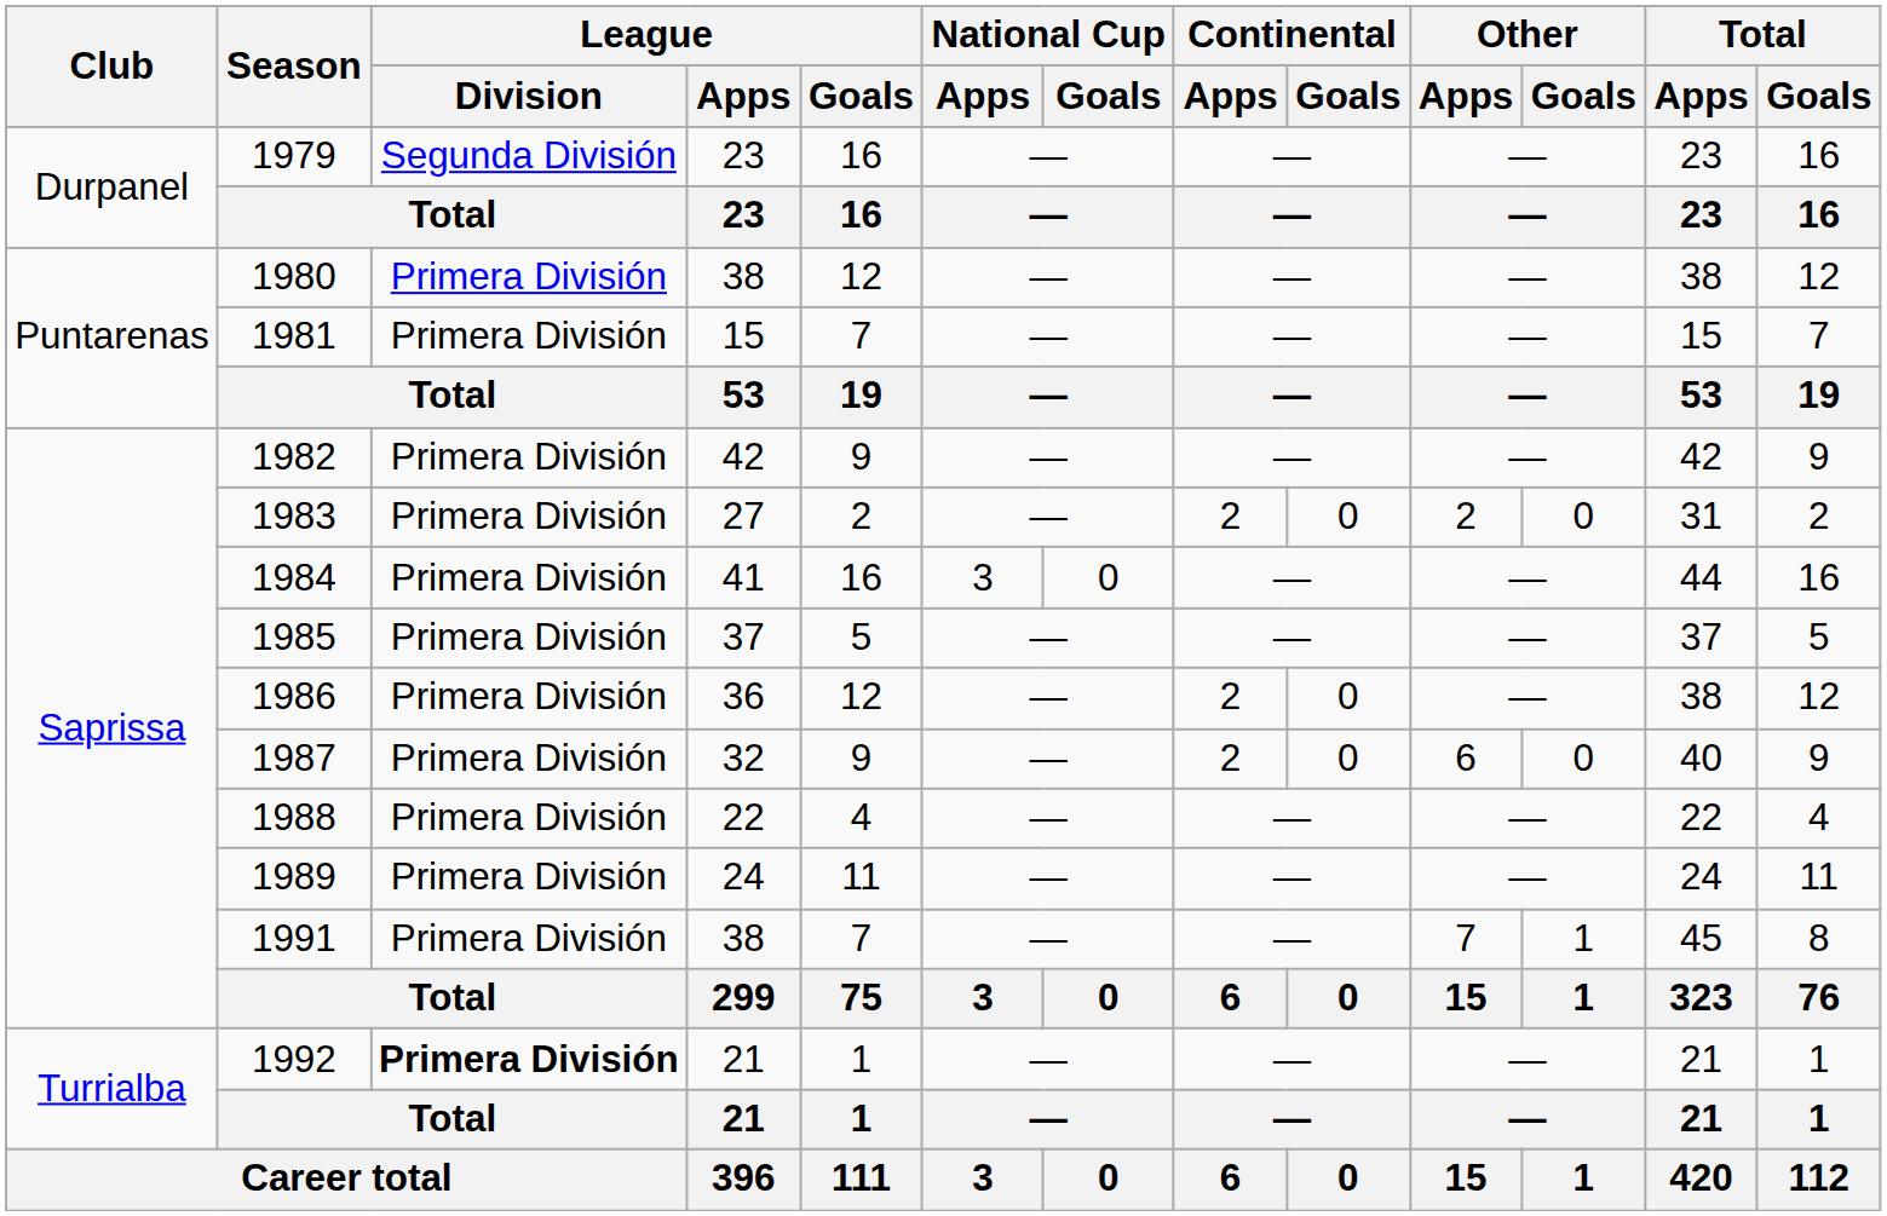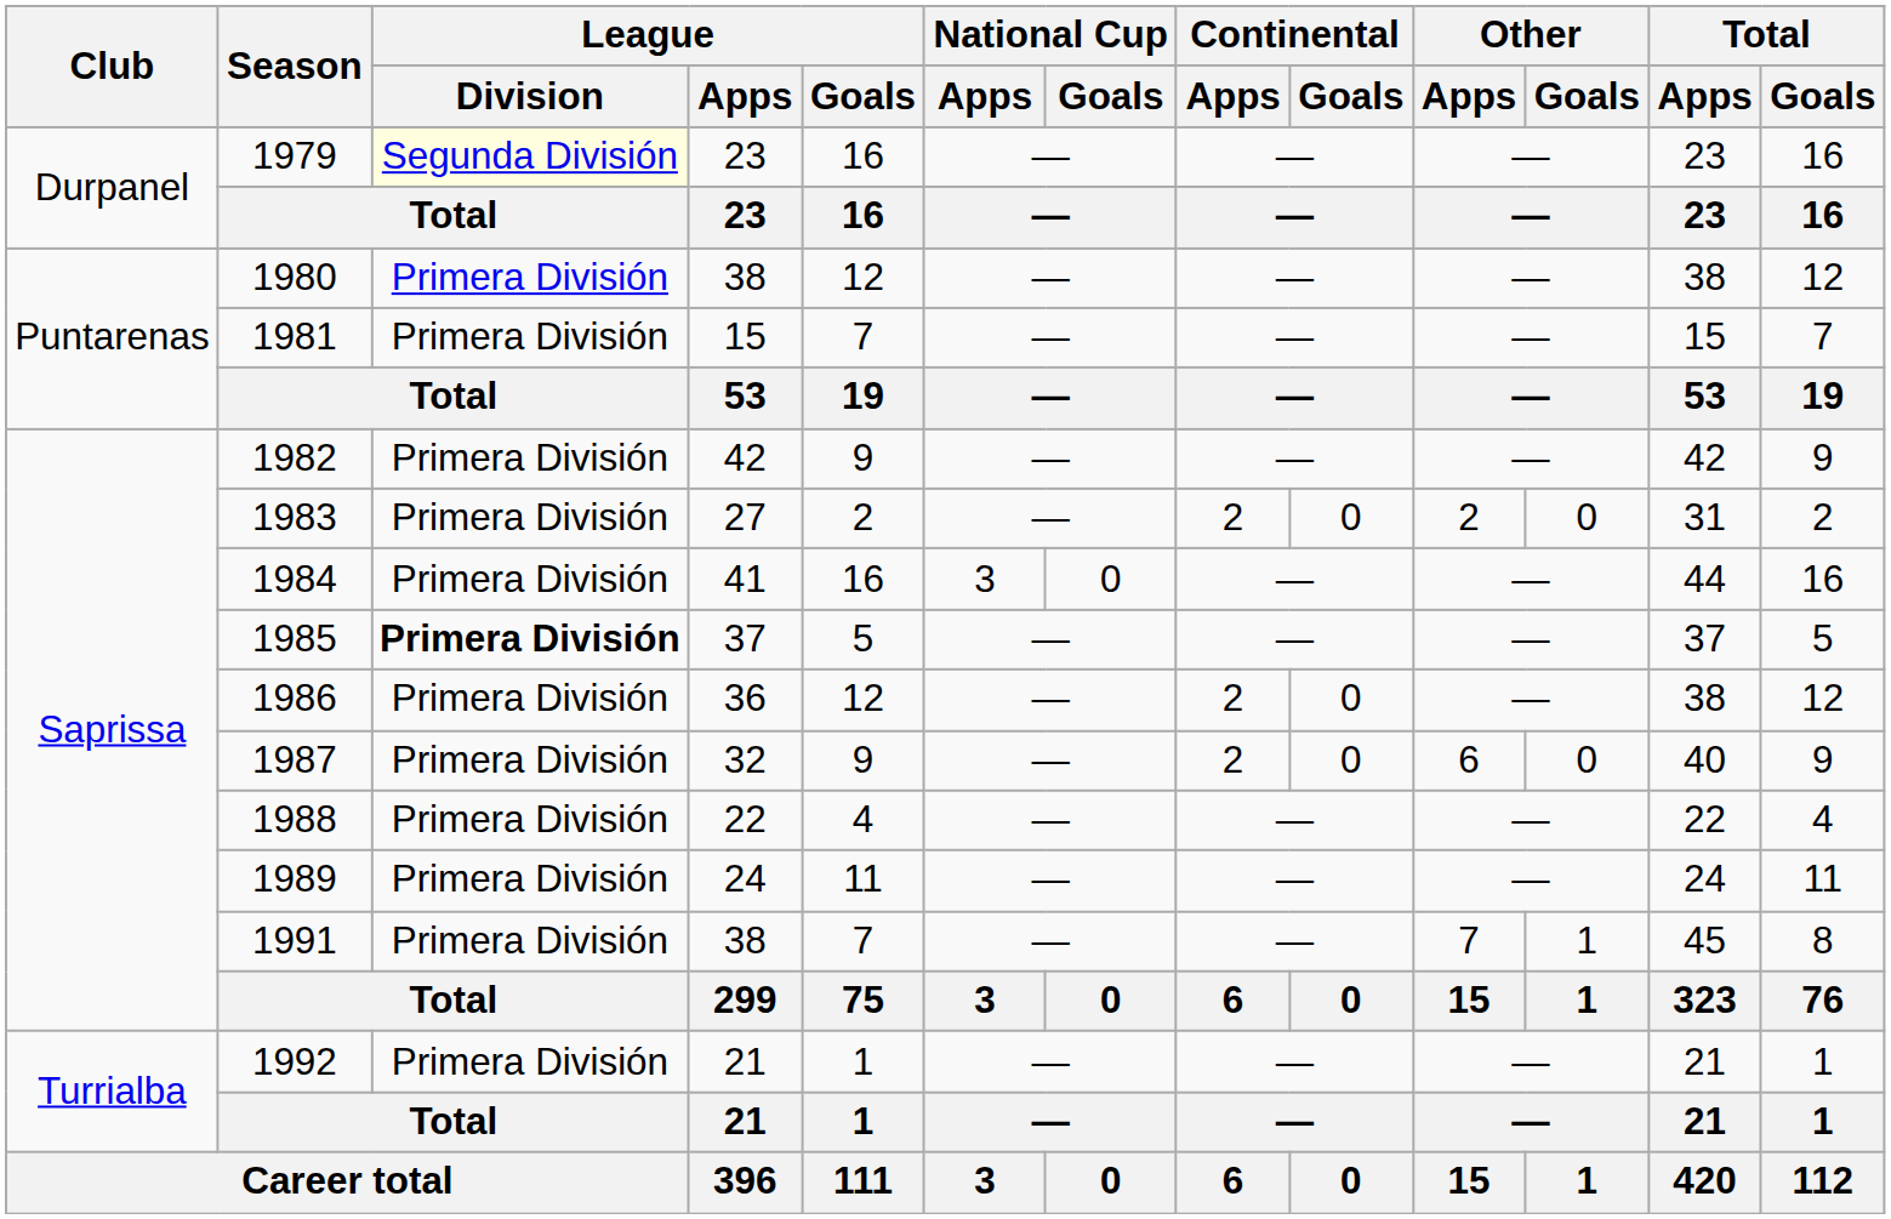 <table class="wikitable" style="text-align: center;">
 <tr>
 <th rowspan="2">Club</th>
 <th rowspan="2">Season</th>
 <th colspan="3">League</th>
 <th colspan="2">National Cup</th>
 <th colspan="2">Continental</th>
 <th colspan="2">Other</th>
 <th colspan="2">Total</th>
 </tr>
 <tr>
 <th>Division</th>
 <th>Apps</th>
 <th>Goals</th>
 <th>Apps</th>
 <th>Goals</th>
 <th>Apps</th>
 <th>Goals</th>
 <th>Apps</th>
 <th>Goals</th>
 <th>Apps</th>
 <th>Goals</th>
 </tr>
 <tr>
 <td rowspan="2">Durpanel</td>
 <td>1979</td>
-<td><a href='#'>Segunda División</a></td>
+<td style="background: lightyellow;"><a href='#'>Segunda División</a></td>
 <td>23</td>
 <td>16</td>
 <td colspan="2">—</td>
 <td colspan="2">—</td>
 <td colspan="2">—</td>
 <td>23</td>
 <td>16</td>
 </tr>
 <tr>
 <th colspan="2">Total</th>
 <th>23</th>
 <th>16</th>
 <th colspan="2">—</th>
 <th colspan="2">—</th>
 <th colspan="2">—</th>
 <th>23</th>
 <th>16</th>
 </tr>
 <tr>
 <td rowspan="3">Puntarenas</td>
 <td>1980</td>
 <td><a href='#'>Primera División</a></td>
 <td>38</td>
 <td>12</td>
 <td colspan="2">—</td>
 <td colspan="2">—</td>
 <td colspan="2">—</td>
 <td>38</td>
 <td>12</td>
 </tr>
 <tr>
 <td>1981</td>
 <td>Primera División</td>
 <td>15</td>
 <td>7</td>
 <td colspan="2">—</td>
 <td colspan="2">—</td>
 <td colspan="2">—</td>
 <td>15</td>
 <td>7</td>
 </tr>
 <tr>
 <th colspan="2">Total</th>
 <th>53</th>
 <th>19</th>
 <th colspan="2">—</th>
 <th colspan="2">—</th>
 <th colspan="2">—</th>
 <th>53</th>
 <th>19</th>
 </tr>
 <tr>
 <td rowspan="10"><a href='#'>Saprissa</a></td>
 <td>1982</td>
 <td>Primera División</td>
 <td>42</td>
 <td>9</td>
 <td colspan="2">—</td>
 <td colspan="2">—</td>
 <td colspan="2">—</td>
 <td>42</td>
 <td>9</td>
 </tr>
 <tr>
 <td>1983</td>
 <td>Primera División</td>
 <td>27</td>
 <td>2</td>
 <td colspan="2">—</td>
 <td>2</td>
 <td>0</td>
 <td>2</td>
 <td>0</td>
 <td>31</td>
 <td>2</td>
 </tr>
 <tr>
 <td>1984</td>
 <td>Primera División</td>
 <td>41</td>
 <td>16</td>
 <td>3</td>
 <td>0</td>
 <td colspan="2">—</td>
 <td colspan="2">—</td>
 <td>44</td>
 <td>16</td>
 </tr>
 <tr>
 <td>1985</td>
-<td>Primera División</td>
+<td><strong>Primera División</strong></td>
 <td>37</td>
 <td>5</td>
 <td colspan="2">—</td>
 <td colspan="2">—</td>
 <td colspan="2">—</td>
 <td>37</td>
 <td>5</td>
 </tr>
 <tr>
 <td>1986</td>
 <td>Primera División</td>
 <td>36</td>
 <td>12</td>
 <td colspan="2">—</td>
 <td>2</td>
 <td>0</td>
 <td colspan="2">—</td>
 <td>38</td>
 <td>12</td>
 </tr>
 <tr>
 <td>1987</td>
 <td>Primera División</td>
 <td>32</td>
 <td>9</td>
 <td colspan="2">—</td>
 <td>2</td>
 <td>0</td>
 <td>6</td>
 <td>0</td>
 <td>40</td>
 <td>9</td>
 </tr>
 <tr>
 <td>1988</td>
 <td>Primera División</td>
 <td>22</td>
 <td>4</td>
 <td colspan="2">—</td>
 <td colspan="2">—</td>
 <td colspan="2">—</td>
 <td>22</td>
 <td>4</td>
 </tr>
 <tr>
 <td>1989</td>
 <td>Primera División</td>
 <td>24</td>
 <td>11</td>
 <td colspan="2">—</td>
 <td colspan="2">—</td>
 <td colspan="2">—</td>
 <td>24</td>
 <td>11</td>
 </tr>
 <tr>
 <td>1991</td>
 <td>Primera División</td>
 <td>38</td>
 <td>7</td>
 <td colspan="2">—</td>
 <td colspan="2">—</td>
 <td>7</td>
 <td>1</td>
 <td>45</td>
 <td>8</td>
 </tr>
 <tr>
 <th colspan="2">Total</th>
 <th>299</th>
 <th>75</th>
 <th>3</th>
 <th>0</th>
 <th>6</th>
 <th>0</th>
 <th>15</th>
 <th>1</th>
 <th>323</th>
 <th>76</th>
 </tr>
 <tr>
 <td rowspan="2"><a href='#'>Turrialba</a></td>
 <td>1992</td>
-<td><strong>Primera División</strong></td>
+<td>Primera División</td>
 <td>21</td>
 <td>1</td>
 <td colspan="2">—</td>
 <td colspan="2">—</td>
 <td colspan="2">—</td>
 <td>21</td>
 <td>1</td>
 </tr>
 <tr>
 <th colspan="2">Total</th>
 <th>21</th>
 <th>1</th>
 <th colspan="2">—</th>
 <th colspan="2">—</th>
 <th colspan="2">—</th>
 <th>21</th>
 <th>1</th>
 </tr>
 <tr>
 <th colspan="3">Career total</th>
 <th>396</th>
 <th>111</th>
 <th>3</th>
 <th>0</th>
 <th>6</th>
 <th>0</th>
 <th>15</th>
 <th>1</th>
 <th>420</th>
 <th>112</th>
 </tr>
 </table>
